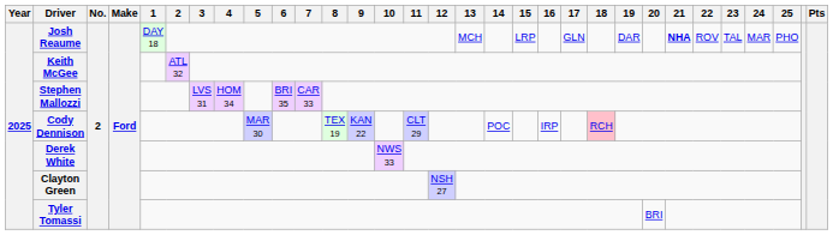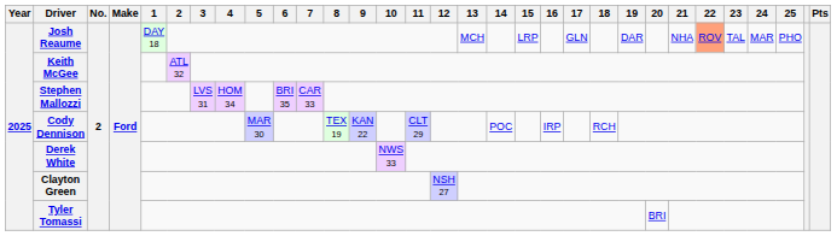 <table class="wikitable" style="text-align:center; font-size:75%">
 <tr>
 <th>Year</th>
 <th>Driver</th>
 <th>No.</th>
 <th>Make</th>
 <th>1</th>
 <th>2</th>
 <th>3</th>
 <th>4</th>
 <th>5</th>
 <th>6</th>
 <th>7</th>
 <th>8</th>
 <th>9</th>
 <th>10</th>
 <th>11</th>
 <th>12</th>
 <th>13</th>
 <th>14</th>
 <th>15</th>
 <th>16</th>
 <th>17</th>
 <th>18</th>
 <th>19</th>
 <th>20</th>
 <th>21</th>
 <th>22</th>
 <th>23</th>
 <th>24</th>
 <th>25</th>
 <th></th>
 <th>Pts</th>
 </tr>
 <tr>
 <th rowspan="7"><a href='#'>2025</a></th>
 <th><a href='#'>Josh Reaume</a></th>
 <th rowspan="7">2</th>
 <th rowspan="7"><a href='#'>Ford</a></th>
 <td style="background:#DFFFDF;"><a href='#'>DAY</a><br><small>18</small></td>
 <td colspan="11"></td>
 <td><a href='#'>MCH</a></td>
 <td></td>
 <td><a href='#'>LRP</a></td>
 <td></td>
 <td><a href='#'>GLN</a></td>
 <td></td>
 <td><a href='#'>DAR</a></td>
 <td></td>
-<td><strong><a href='#'>NHA</a></strong></td>
-<td><a href='#'>ROV</a></td>
+<td><a href='#'>NHA</a></td>
+<td style="background: lightsalmon;"><a href='#'>ROV</a></td>
 <td><a href='#'>TAL</a></td>
 <td><a href='#'>MAR</a></td>
 <td><a href='#'>PHO</a></td>
 <th rowspan="7"></th>
 <th rowspan="7"></th>
 </tr>
 <tr>
 <th><a href='#'>Keith McGee</a></th>
 <td></td>
 <td style="background:#EFCFFF;"><a href='#'>ATL</a><br><small>32</small></td>
 <td colspan=23></td>
 </tr>
 <tr>
 <th><a href='#'>Stephen Mallozzi</a></th>
 <td colspan=2></td>
 <td style="background:#EFCFFF;"><a href='#'>LVS</a><br><small>31</small></td>
 <td style="background:#EFCFFF;"><a href='#'>HOM</a><br><small>34</small></td>
 <td></td>
 <td style="background:#EFCFFF;"><a href='#'>BRI</a><br><small>35</small></td>
 <td style="background:#EFCFFF;"><a href='#'>CAR</a><br><small>33</small></td>
 <td colspan="18"></td>
 </tr>
 <tr>
 <th><a href='#'>Cody Dennison</a></th>
 <td colspan=4></td>
 <td style="background:#CFCFFF;"><a href='#'>MAR</a><br><small>30</small></td>
 <td colspan=2></td>
 <td style="background:#DFFFDF;"><a href='#'>TEX</a><br><small>19</small></td>
 <td style="background:#CFCFFF;"><a href='#'>KAN</a><br><small>22</small></td>
 <td></td>
 <td style="background:#CFCFFF;"><a href='#'>CLT</a><br><small>29</small></td>
 <td colspan=2></td>
 <td><a href='#'>POC</a></td>
 <td></td>
 <td><a href='#'>IRP</a></td>
 <td></td>
-<td style="background: pink;"><a href='#'>RCH</a></td>
+<td><a href='#'>RCH</a></td>
 <td colspan=7></td>
 </tr>
 <tr>
 <th><a href='#'>Derek White</a></th>
 <td colspan=9></td>
 <td style="background:#EFCFFF;"><a href='#'>NWS</a><br><small>33</small></td>
 <td colspan=15></td>
 </tr>
 <tr>
 <th>Clayton Green</th>
 <td colspan="11"></td>
 <td style="background:#CFCFFF;"><a href='#'>NSH</a><br><small>27</small></td>
 <td colspan="13"></td>
 </tr>
 <tr>
 <th><a href='#'>Tyler Tomassi</a></th>
 <td colspan="19"></td>
 <td><a href='#'>BRI</a></td>
 <td colspan="5"></td>
 </tr>
 </table>
